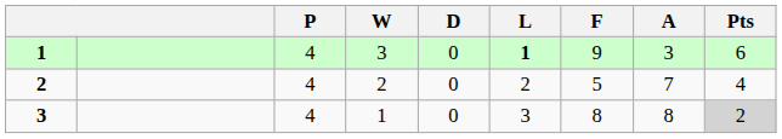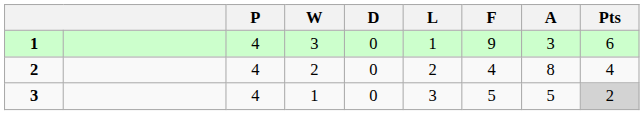 <table class="wikitable">
 <tr>
 <th colspan="2"></th>
 <th rowspan="1">P</th>
 <th rowspan="1">W</th>
 <th colspan="1">D</th>
 <th colspan="1">L</th>
 <th colspan="1">F</th>
 <th colspan="1">A</th>
 <th colspan="1">Pts</th>
 </tr>
 <tr style="background:#ccffcc;">
 <td style="text-align:center" width="50"><strong>1</strong></td>
 <td width="150"><strong></strong></td>
 <td style="text-align:center" width="50">4</td>
 <td style="text-align:center" width="50">3</td>
 <td style="text-align:center" width="50">0</td>
-<td style="text-align:center" width="50"><strong>1</strong></td>
+<td style="text-align:center" width="50">1</td>
 <td style="text-align:center" width="50">9</td>
 <td style="text-align:center" width="50">3</td>
 <td style="text-align:center" width="50">6</td>
 </tr>
 <tr>
 <td style="text-align:center"><strong>2</strong></td>
 <td></td>
 <td style="text-align:center">4</td>
 <td style="text-align:center">2</td>
 <td style="text-align:center">0</td>
 <td style="text-align:center">2</td>
-<td style="text-align:center">5</td>
-<td style="text-align:center">7</td>
+<td style="text-align:center">4</td>
+<td style="text-align:center">8</td>
 <td style="text-align:center">4</td>
 </tr>
 <tr>
 <td style="text-align:center"><strong>3</strong></td>
 <td></td>
 <td style="text-align:center">4</td>
 <td style="text-align:center">1</td>
 <td style="text-align:center">0</td>
 <td style="text-align:center">3</td>
-<td style="text-align:center">8</td>
-<td style="text-align:center">8</td>
+<td style="text-align:center">5</td>
+<td style="text-align:center">5</td>
 <td style="background: lightgrey; text-align:center">2</td>
 </tr>
 </table>
